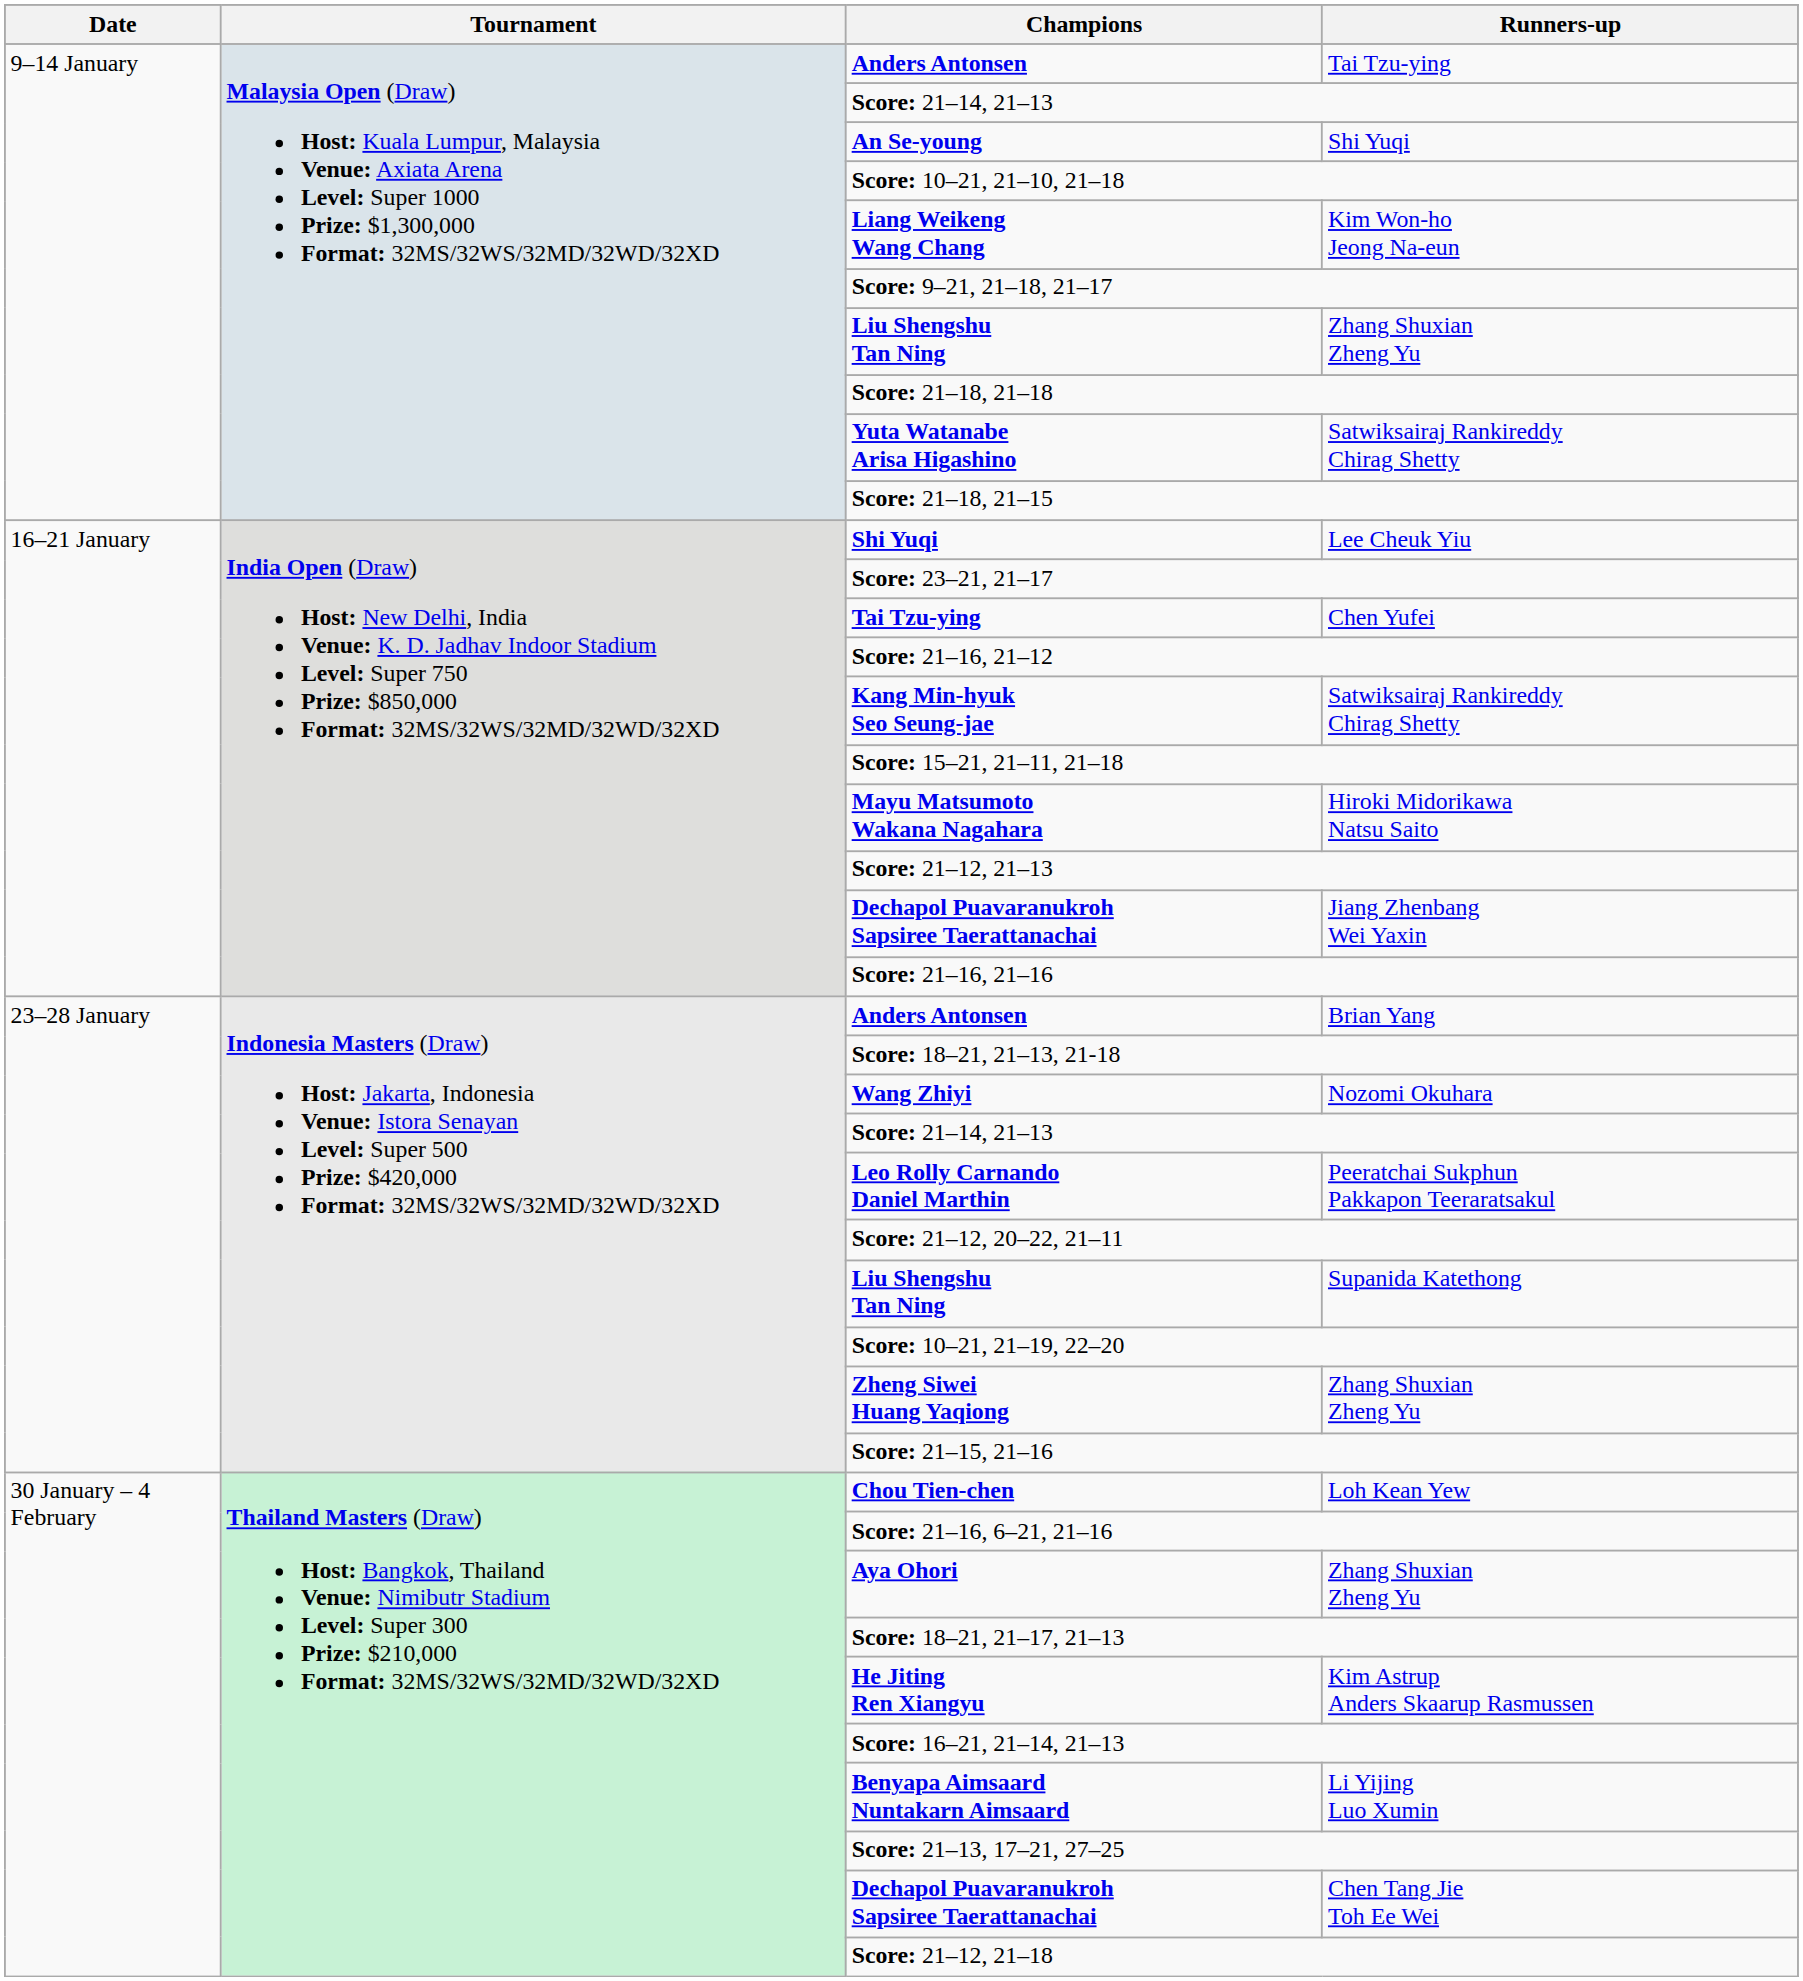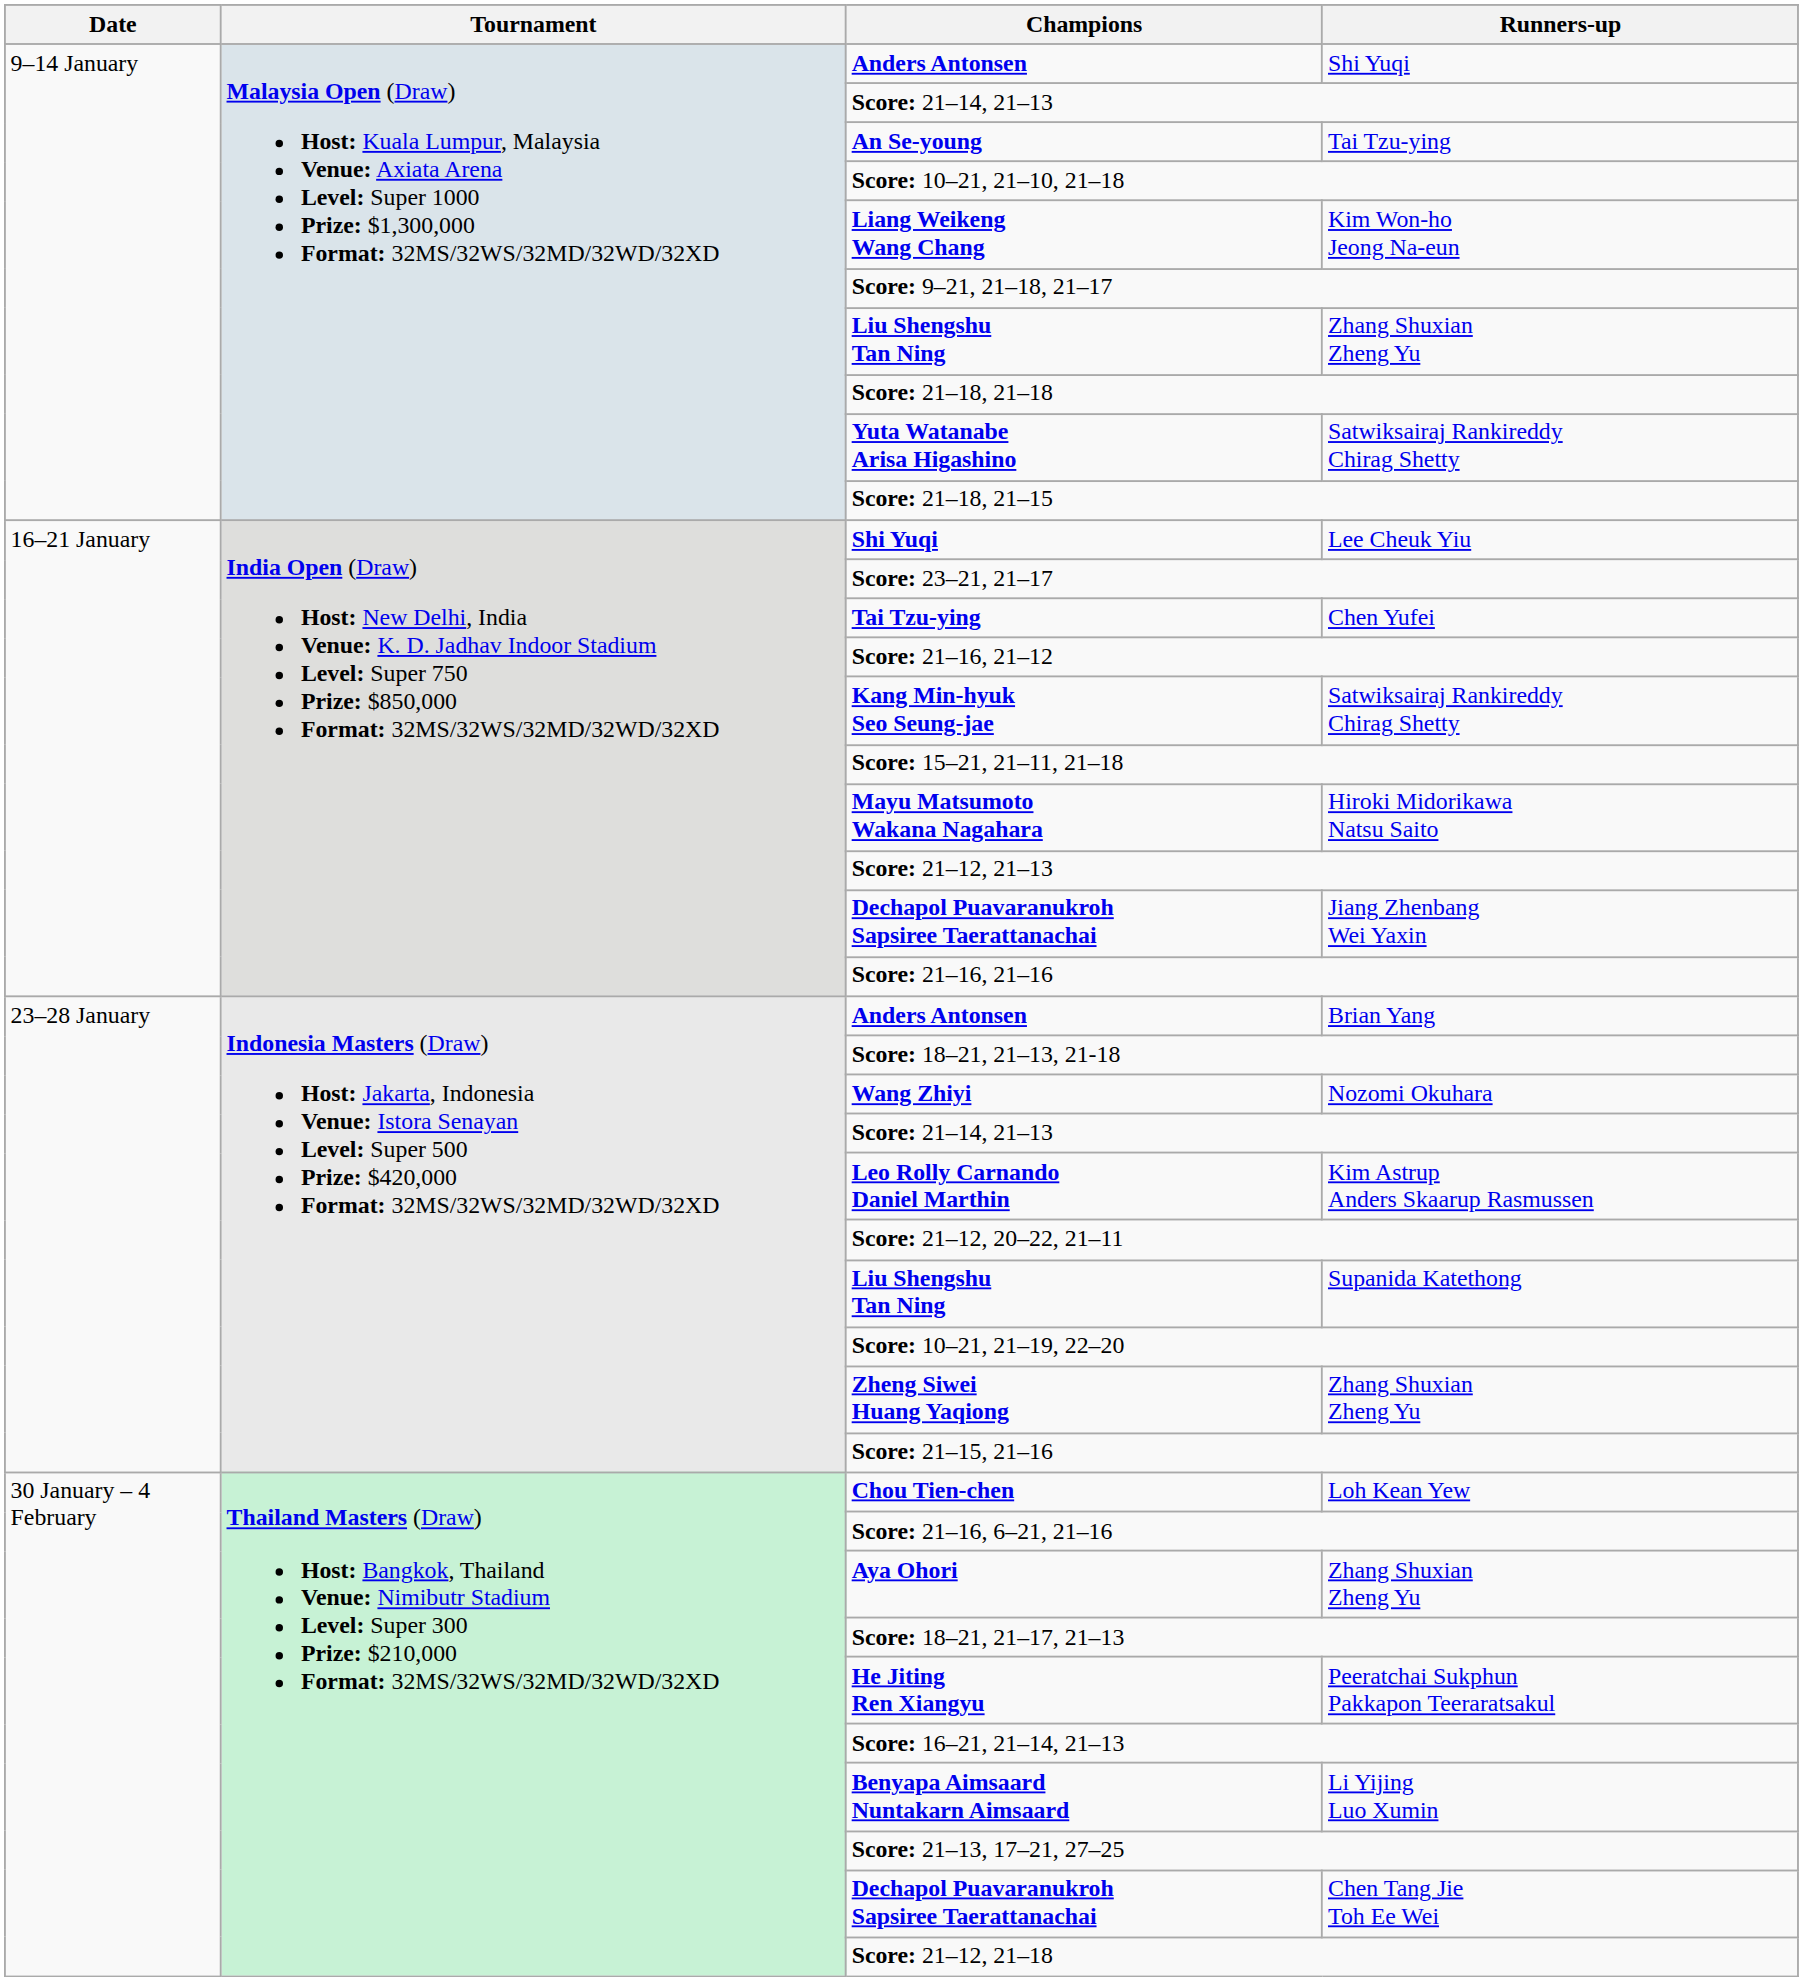 <table class="wikitable" style="font-size:80%">
 <tr>
 <th width="110">Date</th>
 <th width="330">Tournament</th>
 <th width="250">Champions</th>
 <th width="250">Runners-up</th>
 </tr>
 <tr valign="top">
 <td rowspan="10">9–14 January</td>
 <td bgcolor="#DAE4EA" rowspan="10"><br><strong><a href='#'>Malaysia Open</a></strong> (<a href='#'>Draw</a>)<ul><li><strong>Host:</strong> <a href='#'>Kuala Lumpur</a>, Malaysia</li><li><strong>Venue:</strong> <a href='#'>Axiata Arena</a></li><li><strong>Level:</strong> Super 1000</li><li><strong>Prize:</strong> $1,300,000</li><li><strong>Format:</strong> 32MS/32WS/32MD/32WD/32XD</li></ul></td>
 <td><strong> <a href='#'>Anders Antonsen</a></strong></td>
-<td> <a href='#'>Tai Tzu-ying</a></td>
+<td> <a href='#'>Shi Yuqi</a></td>
 </tr>
 <tr>
 <td colspan="2"><strong>Score:</strong> 21–14, 21–13</td>
 </tr>
 <tr valign="top">
 <td><strong> <a href='#'>An Se-young</a></strong></td>
-<td> <a href='#'>Shi Yuqi</a></td>
+<td> <a href='#'>Tai Tzu-ying</a></td>
 </tr>
 <tr>
 <td colspan="2"><strong>Score:</strong> 10–21, 21–10, 21–18</td>
 </tr>
 <tr valign="top">
 <td><strong> <a href='#'>Liang Weikeng</a><br> <a href='#'>Wang Chang</a></strong></td>
 <td> <a href='#'>Kim Won-ho</a><br> <a href='#'>Jeong Na-eun</a></td>
 </tr>
 <tr>
 <td colspan="2"><strong>Score:</strong> 9–21, 21–18, 21–17</td>
 </tr>
 <tr valign="top">
 <td><strong> <a href='#'>Liu Shengshu</a><br> <a href='#'>Tan Ning</a></strong></td>
 <td> <a href='#'>Zhang Shuxian</a><br> <a href='#'>Zheng Yu</a></td>
 </tr>
 <tr>
 <td colspan="2"><strong>Score:</strong> 21–18, 21–18</td>
 </tr>
 <tr valign="top">
 <td><strong> <a href='#'>Yuta Watanabe</a><br> <a href='#'>Arisa Higashino</a></strong></td>
 <td> <a href='#'>Satwiksairaj Rankireddy</a><br> <a href='#'>Chirag Shetty</a></td>
 </tr>
 <tr>
 <td colspan="2"><strong>Score:</strong> 21–18, 21–15</td>
 </tr>
 <tr valign="top">
 <td rowspan="10">16–21 January</td>
 <td bgcolor="#DEDEDC" rowspan="10"><br><strong><a href='#'>India Open</a></strong> (<a href='#'>Draw</a>)<ul><li><strong>Host:</strong> <a href='#'>New Delhi</a>, India</li><li><strong>Venue:</strong> <a href='#'>K. D. Jadhav Indoor Stadium</a></li><li><strong>Level:</strong> Super 750</li><li><strong>Prize:</strong> $850,000</li><li><strong>Format:</strong> 32MS/32WS/32MD/32WD/32XD</li></ul></td>
 <td><strong> <a href='#'>Shi Yuqi</a></strong></td>
 <td> <a href='#'>Lee Cheuk Yiu</a></td>
 </tr>
 <tr>
 <td colspan="2"><strong>Score:</strong> 23–21, 21–17</td>
 </tr>
 <tr valign="top">
 <td><strong> <a href='#'>Tai Tzu-ying</a></strong></td>
 <td> <a href='#'>Chen Yufei</a></td>
 </tr>
 <tr>
 <td colspan="2"><strong>Score:</strong> 21–16, 21–12</td>
 </tr>
 <tr valign="top">
 <td><strong> <a href='#'>Kang Min-hyuk</a><br> <a href='#'>Seo Seung-jae</a></strong></td>
 <td> <a href='#'>Satwiksairaj Rankireddy</a><br> <a href='#'>Chirag Shetty</a></td>
 </tr>
 <tr>
 <td colspan="2"><strong>Score:</strong> 15–21, 21–11, 21–18</td>
 </tr>
 <tr valign="top">
 <td><strong> <a href='#'>Mayu Matsumoto</a><br> <a href='#'>Wakana Nagahara</a></strong></td>
 <td> <a href='#'>Hiroki Midorikawa</a><br> <a href='#'>Natsu Saito</a></td>
 </tr>
 <tr>
 <td colspan="2"><strong>Score:</strong> 21–12, 21–13</td>
 </tr>
 <tr valign="top">
 <td><strong> <a href='#'>Dechapol Puavaranukroh</a><br> <a href='#'>Sapsiree Taerattanachai</a></strong></td>
 <td> <a href='#'>Jiang Zhenbang</a><br> <a href='#'>Wei Yaxin</a></td>
 </tr>
 <tr>
 <td colspan="2"><strong>Score:</strong> 21–16, 21–16</td>
 </tr>
 <tr valign="top">
 <td rowspan="10">23–28 January</td>
 <td bgcolor="#E9E9E9" rowspan="10"><br><strong><a href='#'>Indonesia Masters</a></strong> (<a href='#'>Draw</a>)<ul><li><strong>Host:</strong> <a href='#'>Jakarta</a>, Indonesia</li><li><strong>Venue:</strong> <a href='#'>Istora Senayan</a></li><li><strong>Level:</strong> Super 500</li><li><strong>Prize:</strong> $420,000</li><li><strong>Format:</strong> 32MS/32WS/32MD/32WD/32XD</li></ul></td>
 <td><strong> <a href='#'>Anders Antonsen</a></strong></td>
 <td> <a href='#'>Brian Yang</a></td>
 </tr>
 <tr>
 <td colspan="2"><strong>Score:</strong> 18–21, 21–13, 21-18</td>
 </tr>
 <tr valign="top">
 <td><strong> <a href='#'>Wang Zhiyi</a></strong></td>
 <td> <a href='#'>Nozomi Okuhara</a></td>
 </tr>
 <tr>
 <td colspan="2"><strong>Score:</strong> 21–14, 21–13</td>
 </tr>
 <tr valign="top">
 <td><strong> <a href='#'>Leo Rolly Carnando</a><br> <a href='#'>Daniel Marthin</a></strong></td>
-<td> <a href='#'>Peeratchai Sukphun</a><br> <a href='#'>Pakkapon Teeraratsakul</a></td>
+<td> <a href='#'>Kim Astrup</a><br> <a href='#'>Anders Skaarup Rasmussen</a></td>
 </tr>
 <tr>
 <td colspan="2"><strong>Score:</strong> 21–12, 20–22, 21–11</td>
 </tr>
 <tr valign="top">
 <td><strong> <a href='#'>Liu Shengshu</a><br> <a href='#'>Tan Ning</a></strong></td>
 <td> <a href='#'>Supanida Katethong</a></td>
 </tr>
 <tr>
 <td colspan="2"><strong>Score:</strong> 10–21, 21–19, 22–20</td>
 </tr>
 <tr valign="top">
 <td><strong> <a href='#'>Zheng Siwei</a><br> <a href='#'>Huang Yaqiong</a></strong></td>
 <td> <a href='#'>Zhang Shuxian</a><br> <a href='#'>Zheng Yu</a></td>
 </tr>
 <tr>
 <td colspan="2"><strong>Score:</strong> 21–15, 21–16</td>
 </tr>
 <tr valign="top">
 <td rowspan="10">30 January – 4 February</td>
 <td bgcolor="#C7F2D5" rowspan="10"><br><strong><a href='#'>Thailand Masters</a></strong> (<a href='#'>Draw</a>)<ul><li><strong>Host:</strong> <a href='#'>Bangkok</a>, Thailand</li><li><strong>Venue:</strong> <a href='#'>Nimibutr Stadium</a></li><li><strong>Level:</strong> Super 300</li><li><strong>Prize:</strong> $210,000</li><li><strong>Format:</strong> 32MS/32WS/32MD/32WD/32XD</li></ul></td>
 <td><strong> <a href='#'>Chou Tien-chen</a></strong></td>
 <td> <a href='#'>Loh Kean Yew</a></td>
 </tr>
 <tr>
 <td colspan="2"><strong>Score:</strong> 21–16, 6–21, 21–16</td>
 </tr>
 <tr valign="top">
 <td><strong> <a href='#'>Aya Ohori</a></strong></td>
 <td> <a href='#'>Zhang Shuxian</a><br> <a href='#'>Zheng Yu</a></td>
 </tr>
 <tr>
 <td colspan="2"><strong>Score:</strong> 18–21, 21–17, 21–13</td>
 </tr>
 <tr valign="top">
 <td><strong> <a href='#'>He Jiting</a><br> <a href='#'>Ren Xiangyu</a></strong></td>
-<td> <a href='#'>Kim Astrup</a><br> <a href='#'>Anders Skaarup Rasmussen</a></td>
+<td> <a href='#'>Peeratchai Sukphun</a><br> <a href='#'>Pakkapon Teeraratsakul</a></td>
 </tr>
 <tr>
 <td colspan="2"><strong>Score:</strong> 16–21, 21–14, 21–13</td>
 </tr>
 <tr valign="top">
 <td><strong> <a href='#'>Benyapa Aimsaard</a><br> <a href='#'>Nuntakarn Aimsaard</a></strong></td>
 <td> <a href='#'>Li Yijing</a><br> <a href='#'>Luo Xumin</a></td>
 </tr>
 <tr>
 <td colspan="2"><strong>Score:</strong> 21–13, 17–21, 27–25</td>
 </tr>
 <tr valign="top">
 <td><strong> <a href='#'>Dechapol Puavaranukroh</a><br> <a href='#'>Sapsiree Taerattanachai</a></strong></td>
 <td> <a href='#'>Chen Tang Jie</a><br> <a href='#'>Toh Ee Wei</a></td>
 </tr>
 <tr>
 <td colspan="2"><strong>Score:</strong> 21–12, 21–18</td>
 </tr>
 </table>
